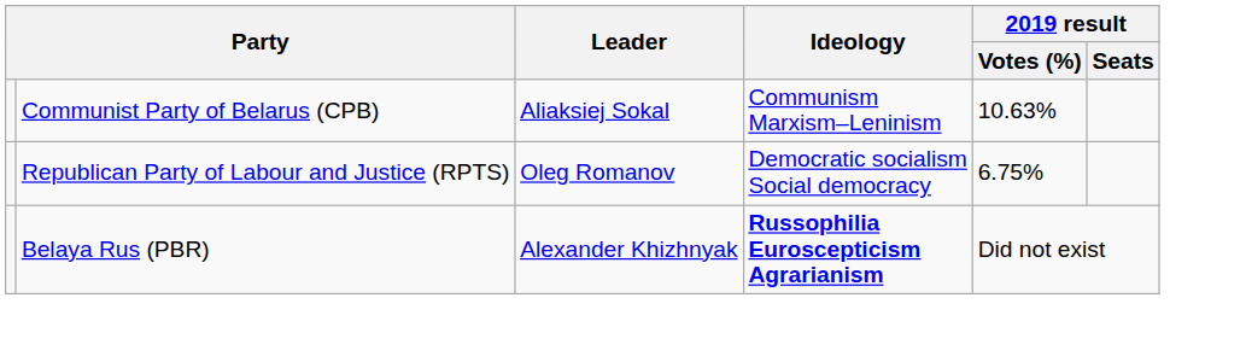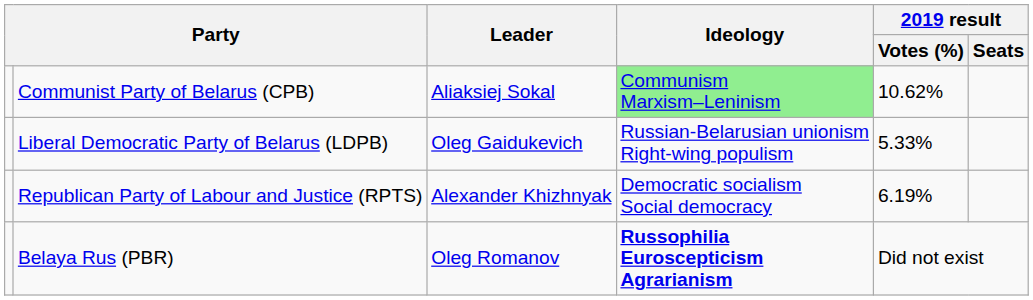 <table class="wikitable">
 <tr>
 <th colspan="2" rowspan="2">Party</th>
 <th rowspan="2">Leader</th>
 <th rowspan="2">Ideology</th>
 <th colspan="2"><a href='#'>2019</a> result</th>
 </tr>
 <tr>
 <th>Votes (%)</th>
 <th>Seats</th>
 </tr>
 <tr>
 <td style="background:"></td>
 <td><a href='#'>Communist Party of Belarus</a> (CPB)</td>
 <td><a href='#'>Aliaksiej Sokal</a></td>
-<td><a href='#'>Communism</a><br><a href='#'>Marxism–Leninism</a></td>
-<td>10.63%</td>
+<td style="background: lightgreen;"><a href='#'>Communism</a><br><a href='#'>Marxism–Leninism</a></td>
+<td>10.62%</td>
+<td></td>
+</tr>
+<tr>
+<td style="background:"></td>
+<td><a href='#'>Liberal Democratic Party of Belarus</a> (LDPB)</td>
+<td><a href='#'>Oleg Gaidukevich</a></td>
+<td><a href='#'>Russian-Belarusian unionism</a><br><a href='#'>Right-wing populism</a></td>
+<td>5.33%</td>
 <td></td>
 </tr>
 <tr>
 <td style="background:"></td>
 <td><a href='#'>Republican Party of Labour and Justice</a> (RPTS)</td>
-<td><a href='#'>Oleg Romanov</a></td>
+<td><a href='#'>Alexander Khizhnyak</a></td>
 <td><a href='#'>Democratic socialism</a><br><a href='#'>Social democracy</a></td>
-<td>6.75%</td>
+<td>6.19%</td>
 <td></td>
 </tr>
 <tr>
 <td style="background:"></td>
 <td><a href='#'>Belaya Rus</a> (PBR)</td>
-<td><a href='#'>Alexander Khizhnyak</a></td>
+<td><a href='#'>Oleg Romanov</a></td>
 <td><strong><a href='#'>Russophilia</a><br><a href='#'>Euroscepticism</a><br><a href='#'>Agrarianism</a></strong></td>
 <td colspan="2">Did not exist</td>
 </tr>
 </table>
